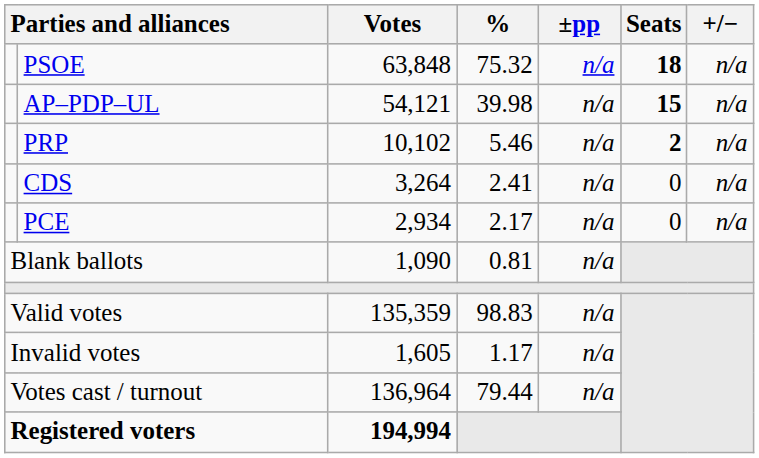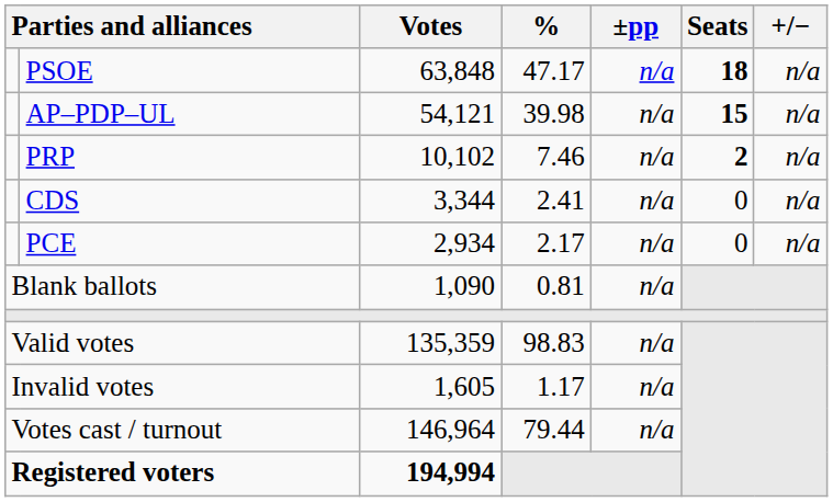 <table class="wikitable" style="text-align:right;">
 <tr>
 <th style="text-align:left;" colspan="2" width="200">Parties and alliances</th>
 <th width="75">Votes</th>
 <th width="45">%</th>
 <th width="45">±<a href='#'>pp</a></th>
 <th width="35">Seats</th>
 <th width="35">+/−</th>
 </tr>
 <tr>
 <td width="1" style="color:inherit;background:"></td>
 <td align="left"><a href='#'>PSOE</a></td>
 <td>63,848</td>
-<td>75.32</td>
+<td>47.17</td>
 <td><em><a href='#'>n/a</a></em></td>
 <td><strong>18</strong></td>
 <td><em>n/a</em></td>
 </tr>
 <tr>
 <td style="color:inherit;background:"></td>
 <td align="left"><a href='#'>AP–PDP–UL</a></td>
 <td>54,121</td>
 <td>39.98</td>
 <td><em>n/a</em></td>
 <td><strong>15</strong></td>
 <td><em>n/a</em></td>
 </tr>
 <tr>
 <td style="color:inherit;background:"></td>
 <td align="left"><a href='#'>PRP</a></td>
 <td>10,102</td>
-<td>5.46</td>
+<td>7.46</td>
 <td><em>n/a</em></td>
 <td><strong>2</strong></td>
 <td><em>n/a</em></td>
 </tr>
 <tr>
 <td style="color:inherit;background:"></td>
 <td align="left"><a href='#'>CDS</a></td>
-<td>3,264</td>
+<td>3,344</td>
 <td>2.41</td>
 <td><em>n/a</em></td>
 <td>0</td>
 <td><em>n/a</em></td>
 </tr>
 <tr>
 <td style="color:inherit;background:"></td>
 <td align="left"><a href='#'>PCE</a></td>
 <td>2,934</td>
 <td>2.17</td>
 <td><em>n/a</em></td>
 <td>0</td>
 <td><em>n/a</em></td>
 </tr>
 <tr>
 <td align="left" colspan="2">Blank ballots</td>
 <td>1,090</td>
 <td>0.81</td>
 <td><em>n/a</em></td>
 <td bgcolor="#E9E9E9" colspan="2"></td>
 </tr>
 <tr>
 <td colspan="7" bgcolor="#E9E9E9"></td>
 </tr>
 <tr>
 <td align="left" colspan="2">Valid votes</td>
 <td>135,359</td>
 <td>98.83</td>
 <td><em>n/a</em></td>
 <td bgcolor="#E9E9E9" colspan="2" rowspan="4"></td>
 </tr>
 <tr>
 <td align="left" colspan="2">Invalid votes</td>
 <td>1,605</td>
 <td>1.17</td>
 <td><em>n/a</em></td>
 </tr>
 <tr>
 <td align="left" colspan="2">Votes cast / turnout</td>
-<td>136,964</td>
+<td>146,964</td>
 <td>79.44</td>
 <td><em>n/a</em></td>
 </tr>
 <tr style="font-weight:bold;">
 <td align="left" colspan="2">Registered voters</td>
 <td>194,994</td>
 <td bgcolor="#E9E9E9" colspan="2"></td>
 </tr>
 </table>
